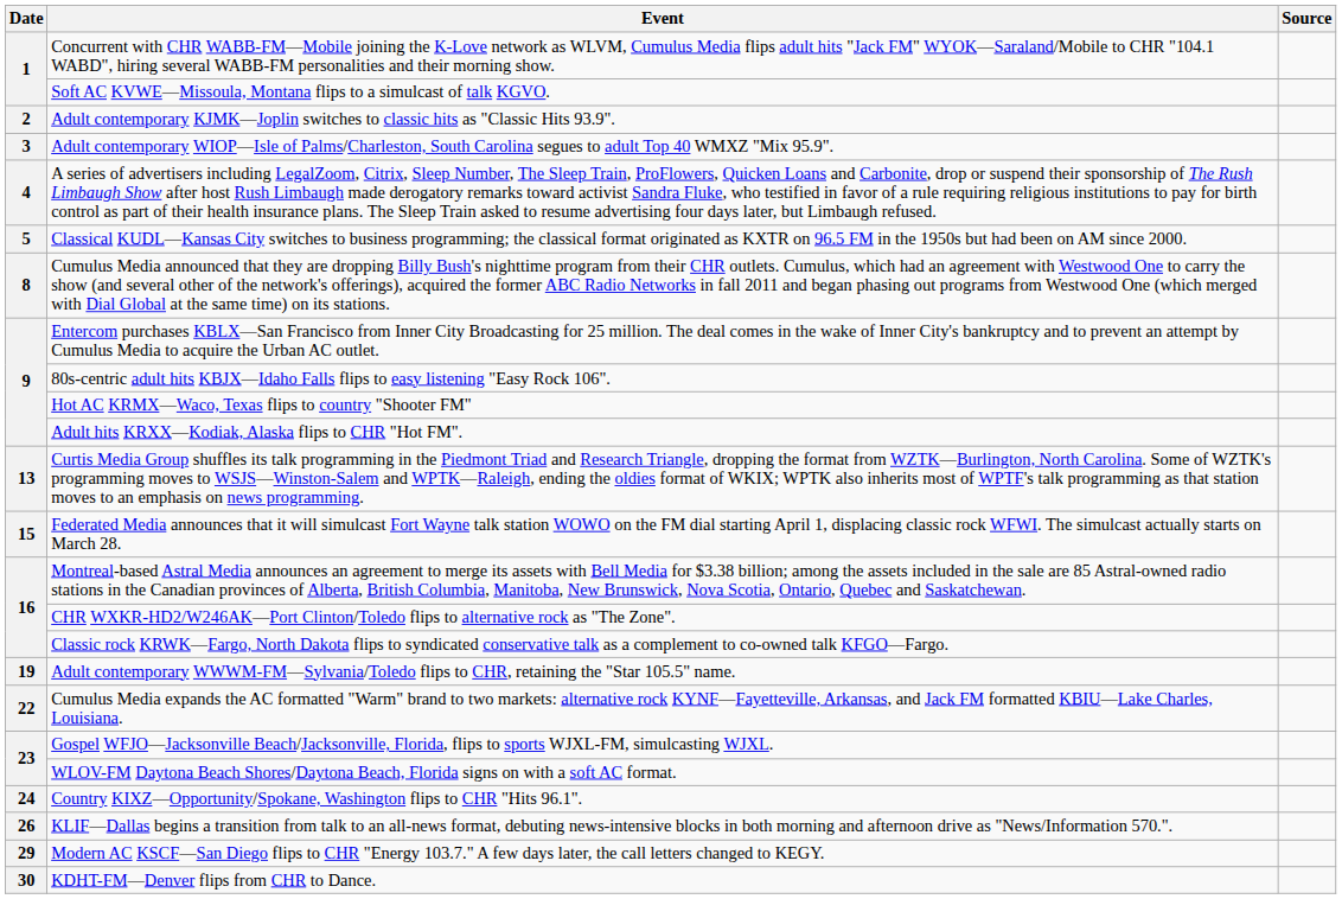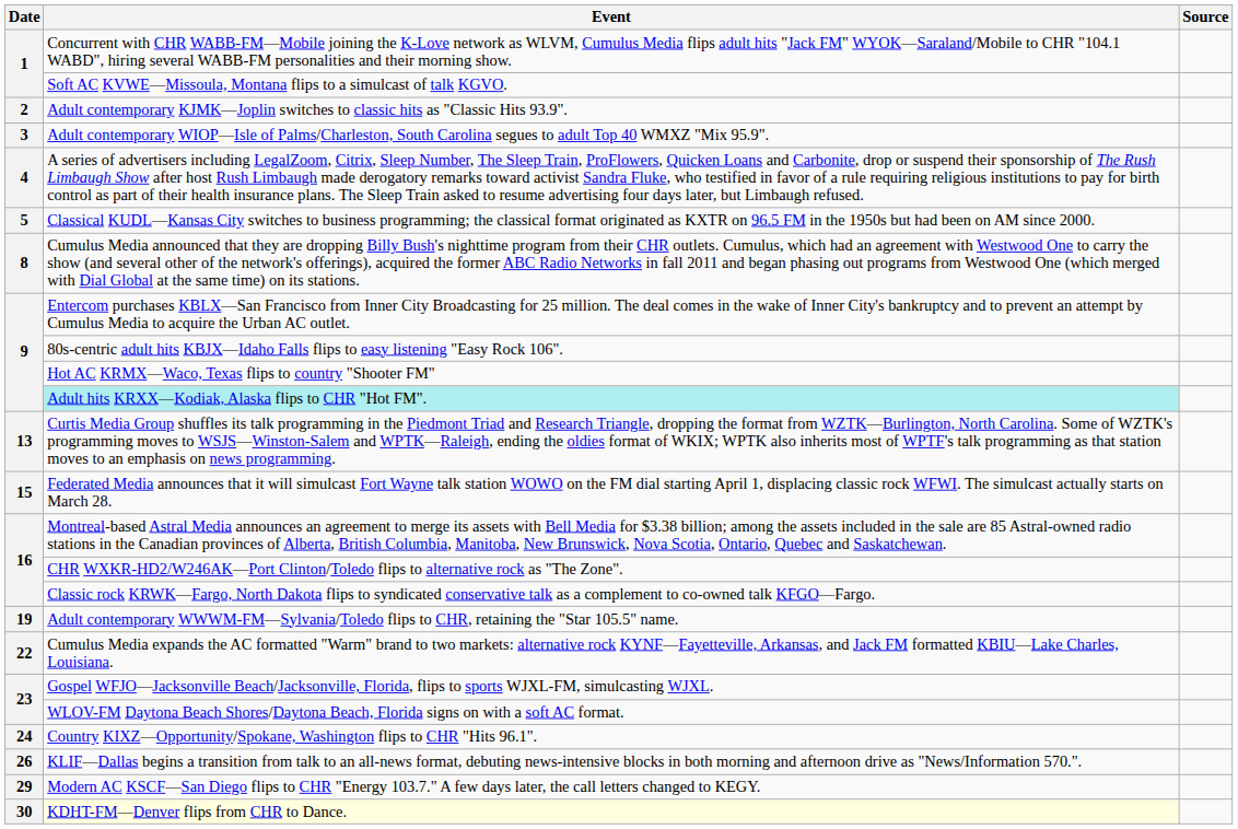 <table class=wikitable>
 <tr>
 <th>Date</th>
 <th>Event</th>
 <th>Source</th>
 </tr>
 <tr>
 <th rowspan="2">1</th>
 <td>Concurrent with <a href='#'>CHR</a> <a href='#'>WABB-FM</a>—<a href='#'>Mobile</a> joining the <a href='#'>K-Love</a> network as WLVM, <a href='#'>Cumulus Media</a> flips <a href='#'>adult hits</a> "<a href='#'>Jack FM</a>" <a href='#'>WYOK</a>—<a href='#'>Saraland</a>/Mobile to CHR "104.1 WABD", hiring several WABB-FM personalities and their morning show.</td>
 <td></td>
 </tr>
 <tr>
 <td><a href='#'>Soft AC</a> <a href='#'>KVWE</a>—<a href='#'>Missoula, Montana</a> flips to a simulcast of <a href='#'>talk</a> <a href='#'>KGVO</a>.</td>
 <td></td>
 </tr>
 <tr>
 <th>2</th>
 <td><a href='#'>Adult contemporary</a> <a href='#'>KJMK</a>—<a href='#'>Joplin</a> switches to <a href='#'>classic hits</a> as "Classic Hits 93.9".</td>
 <td></td>
 </tr>
 <tr>
 <th>3</th>
 <td><a href='#'>Adult contemporary</a> <a href='#'>WIOP</a>—<a href='#'>Isle of Palms</a>/<a href='#'>Charleston, South Carolina</a> segues to <a href='#'>adult Top 40</a> WMXZ "Mix 95.9".</td>
 <td></td>
 </tr>
 <tr>
 <th>4</th>
 <td>A series of advertisers including <a href='#'>LegalZoom</a>, <a href='#'>Citrix</a>, <a href='#'>Sleep Number</a>, <a href='#'>The Sleep Train</a>, <a href='#'>ProFlowers</a>, <a href='#'>Quicken Loans</a> and <a href='#'>Carbonite</a>, drop or suspend their sponsorship of <em><a href='#'>The Rush Limbaugh Show</a></em> after host <a href='#'>Rush Limbaugh</a> made derogatory remarks toward activist <a href='#'>Sandra Fluke</a>, who testified in favor of a rule requiring religious institutions to pay for birth control as part of their health insurance plans. The Sleep Train asked to resume advertising four days later, but Limbaugh refused.</td>
 <td></td>
 </tr>
 <tr>
 <th>5</th>
 <td><a href='#'>Classical</a> <a href='#'>KUDL</a>—<a href='#'>Kansas City</a> switches to business programming; the classical format originated as KXTR on <a href='#'>96.5 FM</a> in the 1950s but had been on AM since 2000.</td>
 <td></td>
 </tr>
 <tr>
 <th>8</th>
 <td>Cumulus Media announced that they are dropping <a href='#'>Billy Bush</a>'s nighttime program from their <a href='#'>CHR</a> outlets. Cumulus, which had an agreement with <a href='#'>Westwood One</a> to carry the show (and several other of the network's offerings), acquired the former <a href='#'>ABC Radio Networks</a> in fall 2011 and began phasing out programs from Westwood One (which merged with <a href='#'>Dial Global</a> at the same time) on its stations.</td>
 <td></td>
 </tr>
 <tr>
 <th rowspan="4">9</th>
 <td><a href='#'>Entercom</a> purchases <a href='#'>KBLX</a>—San Francisco from Inner City Broadcasting for 25 million. The deal comes in the wake of Inner City's bankruptcy and to prevent an attempt by Cumulus Media to acquire the Urban AC outlet.</td>
 <td></td>
 </tr>
 <tr>
 <td>80s-centric <a href='#'>adult hits</a> <a href='#'>KBJX</a>—<a href='#'>Idaho Falls</a> flips to <a href='#'>easy listening</a> "Easy Rock 106".</td>
 <td></td>
 </tr>
 <tr>
 <td><a href='#'>Hot AC</a> <a href='#'>KRMX</a>—<a href='#'>Waco, Texas</a> flips to <a href='#'>country</a> "Shooter FM"</td>
 <td></td>
 </tr>
 <tr>
-<td><a href='#'>Adult hits</a> <a href='#'>KRXX</a>—<a href='#'>Kodiak, Alaska</a> flips to <a href='#'>CHR</a> "Hot FM".</td>
+<td style="background: paleturquoise;"><a href='#'>Adult hits</a> <a href='#'>KRXX</a>—<a href='#'>Kodiak, Alaska</a> flips to <a href='#'>CHR</a> "Hot FM".</td>
 <td></td>
 </tr>
 <tr>
 <th>13</th>
 <td><a href='#'>Curtis Media Group</a> shuffles its talk programming in the <a href='#'>Piedmont Triad</a> and <a href='#'>Research Triangle</a>, dropping the format from <a href='#'>WZTK</a>—<a href='#'>Burlington, North Carolina</a>. Some of WZTK's programming moves to <a href='#'>WSJS</a>—<a href='#'>Winston-Salem</a> and <a href='#'>WPTK</a>—<a href='#'>Raleigh</a>, ending the <a href='#'>oldies</a> format of WKIX; WPTK also inherits most of <a href='#'>WPTF</a>'s talk programming as that station moves to an emphasis on <a href='#'>news programming</a>.</td>
 <td></td>
 </tr>
 <tr>
 <th>15</th>
 <td><a href='#'>Federated Media</a> announces that it will simulcast <a href='#'>Fort Wayne</a> talk station <a href='#'>WOWO</a> on the FM dial starting April 1, displacing classic rock <a href='#'>WFWI</a>. The simulcast actually starts on March 28.</td>
 <td></td>
 </tr>
 <tr>
 <th rowspan="3">16</th>
 <td><a href='#'>Montreal</a>-based <a href='#'>Astral Media</a> announces an agreement to merge its assets with <a href='#'>Bell Media</a> for $3.38 billion; among the assets included in the sale are 85 Astral-owned radio stations in the Canadian provinces of <a href='#'>Alberta</a>, <a href='#'>British Columbia</a>, <a href='#'>Manitoba</a>, <a href='#'>New Brunswick</a>, <a href='#'>Nova Scotia</a>, <a href='#'>Ontario</a>, <a href='#'>Quebec</a> and <a href='#'>Saskatchewan</a>.</td>
 <td></td>
 </tr>
 <tr>
 <td><a href='#'>CHR</a> <a href='#'>WXKR-HD2/W246AK</a>—<a href='#'>Port Clinton</a>/<a href='#'>Toledo</a> flips to <a href='#'>alternative rock</a> as "The Zone".</td>
 <td></td>
 </tr>
 <tr>
 <td><a href='#'>Classic rock</a> <a href='#'>KRWK</a>—<a href='#'>Fargo, North Dakota</a> flips to syndicated <a href='#'>conservative talk</a> as a complement to co-owned talk <a href='#'>KFGO</a>—Fargo.</td>
 <td></td>
 </tr>
 <tr>
 <th>19</th>
 <td><a href='#'>Adult contemporary</a> <a href='#'>WWWM-FM</a>—<a href='#'>Sylvania</a>/<a href='#'>Toledo</a> flips to <a href='#'>CHR</a>, retaining the "Star 105.5" name.</td>
 <td></td>
 </tr>
 <tr>
 <th>22</th>
 <td>Cumulus Media expands the AC formatted "Warm" brand to two markets: <a href='#'>alternative rock</a> <a href='#'>KYNF</a>—<a href='#'>Fayetteville, Arkansas</a>, and <a href='#'>Jack FM</a> formatted <a href='#'>KBIU</a>—<a href='#'>Lake Charles, Louisiana</a>.</td>
 <td></td>
 </tr>
 <tr>
 <th rowspan="2">23</th>
 <td><a href='#'>Gospel</a> <a href='#'>WFJO</a>—<a href='#'>Jacksonville Beach</a>/<a href='#'>Jacksonville, Florida</a>, flips to <a href='#'>sports</a> WJXL-FM, simulcasting <a href='#'>WJXL</a>.</td>
 <td></td>
 </tr>
 <tr>
 <td><a href='#'>WLOV-FM</a> <a href='#'>Daytona Beach Shores</a>/<a href='#'>Daytona Beach, Florida</a> signs on with a <a href='#'>soft AC</a> format.</td>
 <td></td>
 </tr>
 <tr>
 <th>24</th>
 <td><a href='#'>Country</a> <a href='#'>KIXZ</a>—<a href='#'>Opportunity</a>/<a href='#'>Spokane, Washington</a> flips to <a href='#'>CHR</a> "Hits 96.1".</td>
 <td></td>
 </tr>
 <tr>
 <th>26</th>
 <td><a href='#'>KLIF</a>—<a href='#'>Dallas</a> begins a transition from talk to an all-news format, debuting news-intensive blocks in both morning and afternoon drive as "News/Information 570.".</td>
 <td></td>
 </tr>
 <tr>
 <th>29</th>
 <td><a href='#'>Modern AC</a> <a href='#'>KSCF</a>—<a href='#'>San Diego</a> flips to <a href='#'>CHR</a> "Energy 103.7." A few days later, the call letters changed to KEGY.</td>
 <td></td>
 </tr>
 <tr>
 <th>30</th>
-<td><a href='#'>KDHT-FM</a>—<a href='#'>Denver</a> flips from <a href='#'>CHR</a> to Dance.</td>
+<td style="background: lightyellow;"><a href='#'>KDHT-FM</a>—<a href='#'>Denver</a> flips from <a href='#'>CHR</a> to Dance.</td>
 <td></td>
 </tr>
 </table>
